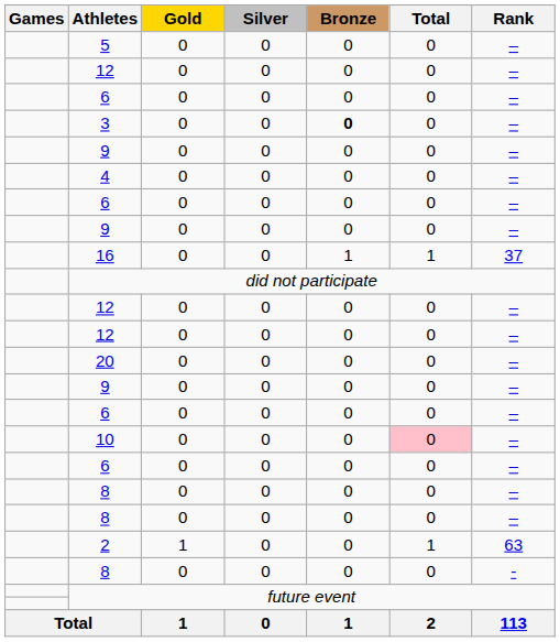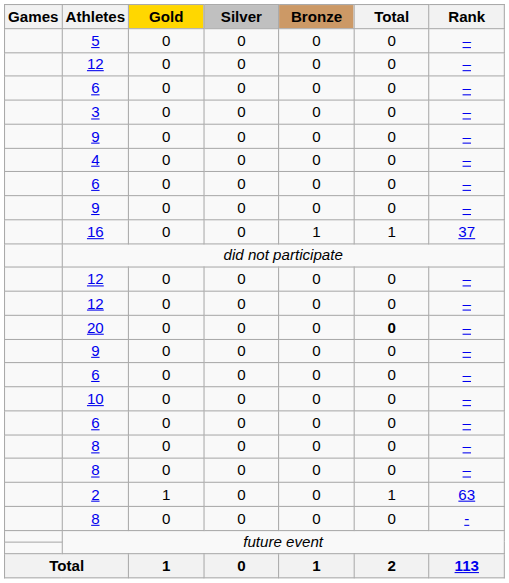 <table class="wikitable" style="text-align:center; font-size:90%;">
 <tr>
 <th>Games</th>
 <th>Athletes</th>
 <td style="background:gold; width:4.5em; font-weight:bold;">Gold</td>
 <td style="background:silver; width:4.5em; font-weight:bold;">Silver</td>
 <td style="background:#cc9966; width:4.5em; font-weight:bold;">Bronze</td>
 <th style="width:4.5em; font-weight:bold;">Total</th>
 <th style="width:4.5em; font-weight:bold;">Rank</th>
 </tr>
 <tr>
 <td align=left></td>
 <td><a href='#'>5</a></td>
 <td>0</td>
 <td>0</td>
 <td>0</td>
 <td>0</td>
 <td><a href='#'>–</a></td>
 </tr>
 <tr>
 <td align=left></td>
 <td><a href='#'>12</a></td>
 <td>0</td>
 <td>0</td>
 <td>0</td>
 <td>0</td>
 <td><a href='#'>–</a></td>
 </tr>
 <tr>
 <td align=left></td>
 <td><a href='#'>6</a></td>
 <td>0</td>
 <td>0</td>
 <td>0</td>
 <td>0</td>
 <td><a href='#'>–</a></td>
 </tr>
 <tr>
 <td align=left></td>
 <td><a href='#'>3</a></td>
 <td>0</td>
 <td>0</td>
-<td><strong>0</strong></td>
+<td>0</td>
 <td>0</td>
 <td><a href='#'>–</a></td>
 </tr>
 <tr>
 <td align=left></td>
 <td><a href='#'>9</a></td>
 <td>0</td>
 <td>0</td>
 <td>0</td>
 <td>0</td>
 <td><a href='#'>–</a></td>
 </tr>
 <tr>
 <td align=left></td>
 <td><a href='#'>4</a></td>
 <td>0</td>
 <td>0</td>
 <td>0</td>
 <td>0</td>
 <td><a href='#'>–</a></td>
 </tr>
 <tr>
 <td align=left></td>
 <td><a href='#'>6</a></td>
 <td>0</td>
 <td>0</td>
 <td>0</td>
 <td>0</td>
 <td><a href='#'>–</a></td>
 </tr>
 <tr>
 <td align=left></td>
 <td><a href='#'>9</a></td>
 <td>0</td>
 <td>0</td>
 <td>0</td>
 <td>0</td>
 <td><a href='#'>–</a></td>
 </tr>
 <tr>
 <td align=left></td>
 <td><a href='#'>16</a></td>
 <td>0</td>
 <td>0</td>
 <td>1</td>
 <td>1</td>
 <td><a href='#'>37</a></td>
 </tr>
 <tr>
 <td align=left></td>
 <td colspan=6><em>did not participate</em></td>
 </tr>
 <tr>
 <td align=left></td>
 <td><a href='#'>12</a></td>
 <td>0</td>
 <td>0</td>
 <td>0</td>
 <td>0</td>
 <td><a href='#'>–</a></td>
 </tr>
 <tr>
 <td align=left></td>
 <td><a href='#'>12</a></td>
 <td>0</td>
 <td>0</td>
 <td>0</td>
 <td>0</td>
 <td><a href='#'>–</a></td>
 </tr>
 <tr>
 <td align=left></td>
 <td><a href='#'>20</a></td>
 <td>0</td>
 <td>0</td>
 <td>0</td>
-<td>0</td>
+<td><strong>0</strong></td>
 <td><a href='#'>–</a></td>
 </tr>
 <tr>
 <td align=left></td>
 <td><a href='#'>9</a></td>
 <td>0</td>
 <td>0</td>
 <td>0</td>
 <td>0</td>
 <td><a href='#'>–</a></td>
 </tr>
 <tr>
 <td align=left></td>
 <td><a href='#'>6</a></td>
 <td>0</td>
 <td>0</td>
 <td>0</td>
 <td>0</td>
 <td><a href='#'>–</a></td>
 </tr>
 <tr>
 <td align=left></td>
 <td><a href='#'>10</a></td>
 <td>0</td>
 <td>0</td>
 <td>0</td>
-<td style="background: pink;">0</td>
+<td>0</td>
 <td><a href='#'>–</a></td>
 </tr>
 <tr>
 <td align=left></td>
 <td><a href='#'>6</a></td>
 <td>0</td>
 <td>0</td>
 <td>0</td>
 <td>0</td>
 <td><a href='#'>–</a></td>
 </tr>
 <tr>
 <td align=left></td>
 <td><a href='#'>8</a></td>
 <td>0</td>
 <td>0</td>
 <td>0</td>
 <td>0</td>
 <td><a href='#'>–</a></td>
 </tr>
 <tr>
 <td align=left></td>
 <td><a href='#'>8</a></td>
 <td>0</td>
 <td>0</td>
 <td>0</td>
 <td>0</td>
 <td><a href='#'>–</a></td>
 </tr>
 <tr>
 <td align=left></td>
 <td><a href='#'>2</a></td>
 <td>1</td>
 <td>0</td>
 <td>0</td>
 <td>1</td>
 <td><a href='#'>63</a></td>
 </tr>
 <tr>
 <td align=left></td>
 <td><a href='#'>8</a></td>
 <td>0</td>
 <td>0</td>
 <td>0</td>
 <td>0</td>
 <td><a href='#'>-</a></td>
 </tr>
 <tr>
 <td align=left></td>
 <td colspan=6; rowspan=2><em>future event</em></td>
 </tr>
 <tr>
 <td align=left></td>
 </tr>
 <tr>
 <th colspan=2>Total</th>
 <th>1</th>
 <th>0</th>
 <th>1</th>
 <th>2</th>
 <th><a href='#'>113</a></th>
 </tr>
 </table>
